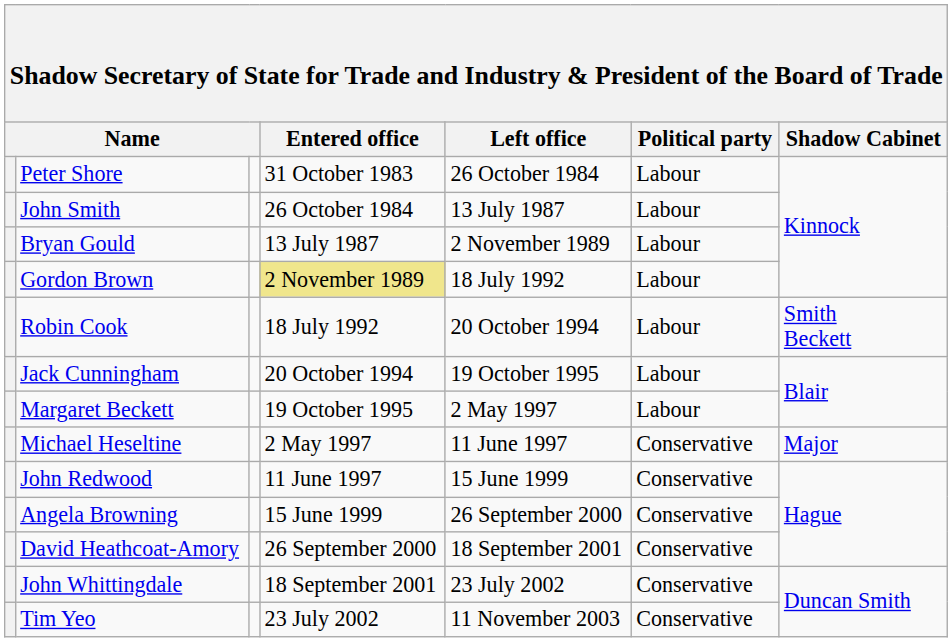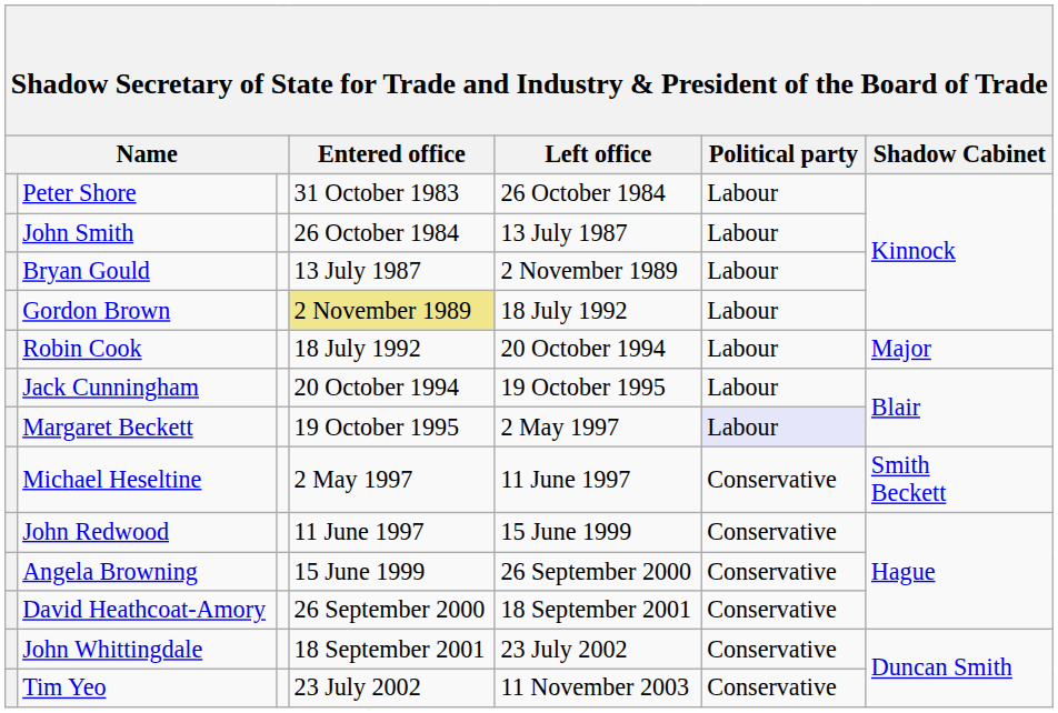 <table class="wikitable">
 <tr>
 <th colspan=7><br><h3>Shadow Secretary of State for Trade and Industry & President of the Board of Trade</h3></th>
 </tr>
 <tr>
 <th colspan=3>Name</th>
 <th>Entered office</th>
 <th>Left office</th>
 <th>Political party</th>
 <th>Shadow Cabinet</th>
 </tr>
 <tr>
 <th style="background-color: "></th>
 <td><a href='#'>Peter Shore</a></td>
 <td></td>
 <td>31 October 1983</td>
 <td>26 October 1984</td>
 <td>Labour</td>
 <td rowspan=4 ><a href='#'>Kinnock</a></td>
 </tr>
 <tr>
 <th style="background-color: "></th>
 <td><a href='#'>John Smith</a></td>
 <td></td>
 <td>26 October 1984</td>
 <td>13 July 1987</td>
 <td>Labour</td>
 </tr>
 <tr>
 <th style="background-color: "></th>
 <td><a href='#'>Bryan Gould</a></td>
 <td></td>
 <td>13 July 1987</td>
 <td>2 November 1989</td>
 <td>Labour</td>
 </tr>
 <tr>
 <th style="background-color: "></th>
 <td><a href='#'>Gordon Brown</a></td>
 <td></td>
 <td style="background: khaki;">2 November 1989</td>
 <td>18 July 1992</td>
 <td>Labour</td>
 </tr>
 <tr>
 <th style="background-color: "></th>
 <td><a href='#'>Robin Cook</a></td>
 <td></td>
 <td>18 July 1992</td>
 <td>20 October 1994</td>
 <td>Labour</td>
-<td><a href='#'>Smith</a><br><a href='#'>Beckett</a></td>
+<td><a href='#'>Major</a></td>
 </tr>
 <tr>
 <th style="background-color: "></th>
 <td><a href='#'>Jack Cunningham</a></td>
 <td></td>
 <td>20 October 1994</td>
 <td>19 October 1995</td>
 <td>Labour</td>
 <td rowspan=2 ><a href='#'>Blair</a></td>
 </tr>
 <tr>
 <th style="background-color: "></th>
 <td><a href='#'>Margaret Beckett</a></td>
 <td></td>
 <td>19 October 1995</td>
 <td>2 May 1997</td>
-<td>Labour</td>
+<td style="background: lavender;">Labour</td>
 </tr>
 <tr>
 <th style="background-color: "></th>
 <td><a href='#'>Michael Heseltine</a></td>
 <td></td>
 <td>2 May 1997</td>
 <td>11 June 1997</td>
 <td>Conservative</td>
-<td><a href='#'>Major</a></td>
+<td><a href='#'>Smith</a><br><a href='#'>Beckett</a></td>
 </tr>
 <tr>
 <th style="background-color: "></th>
 <td><a href='#'>John Redwood</a></td>
 <td></td>
 <td>11 June 1997</td>
 <td>15 June 1999</td>
 <td>Conservative</td>
 <td rowspan=3 ><a href='#'>Hague</a></td>
 </tr>
 <tr>
 <th style="background-color: "></th>
 <td><a href='#'>Angela Browning</a></td>
 <td></td>
 <td>15 June 1999</td>
 <td>26 September 2000</td>
 <td>Conservative</td>
 </tr>
 <tr>
 <th style="background-color: "></th>
 <td><a href='#'>David Heathcoat-Amory</a></td>
 <td></td>
 <td>26 September 2000</td>
 <td>18 September 2001</td>
 <td>Conservative</td>
 </tr>
 <tr>
 <th style="background-color: "></th>
 <td><a href='#'>John Whittingdale</a></td>
 <td></td>
 <td>18 September 2001</td>
 <td>23 July 2002</td>
 <td>Conservative</td>
 <td rowspan=2 ><a href='#'>Duncan Smith</a></td>
 </tr>
 <tr>
 <th style="background-color: "></th>
 <td><a href='#'>Tim Yeo</a></td>
 <td></td>
 <td>23 July 2002</td>
 <td>11 November 2003</td>
 <td>Conservative</td>
 </tr>
 </table>
